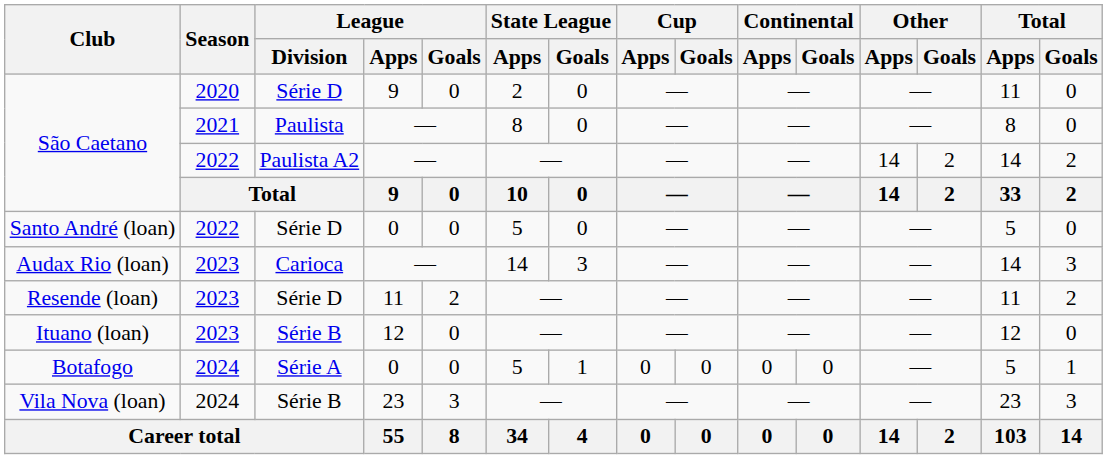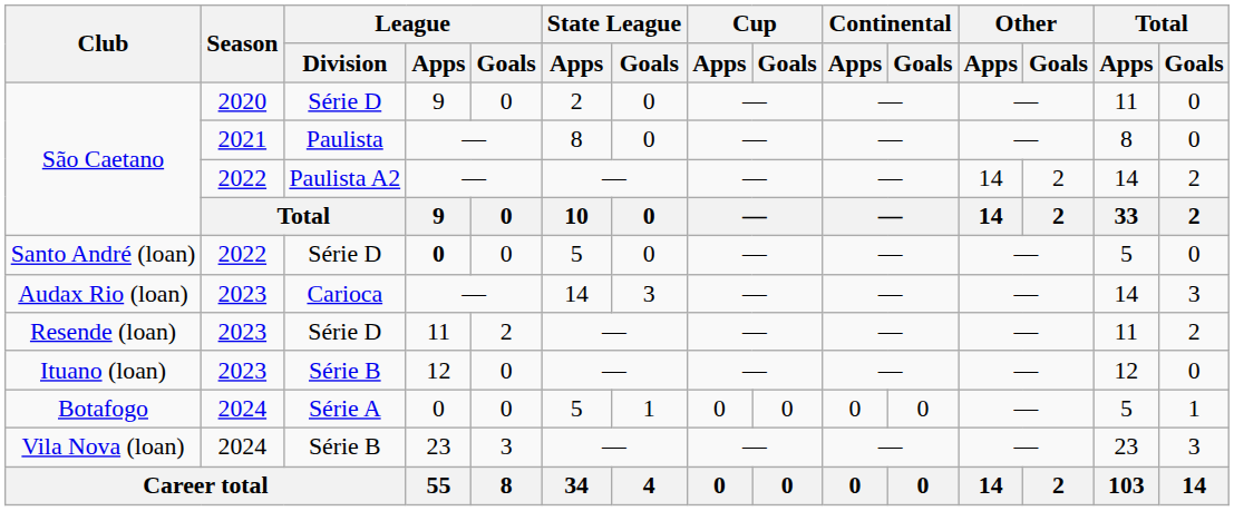 <table class="wikitable" style="text-align: center">
 <tr>
 <th rowspan="2">Club</th>
 <th rowspan="2">Season</th>
 <th colspan="3">League</th>
 <th colspan="2">State League</th>
 <th colspan="2">Cup</th>
 <th colspan="2">Continental</th>
 <th colspan="2">Other</th>
 <th colspan="2">Total</th>
 </tr>
 <tr>
 <th>Division</th>
 <th>Apps</th>
 <th>Goals</th>
 <th>Apps</th>
 <th>Goals</th>
 <th>Apps</th>
 <th>Goals</th>
 <th>Apps</th>
 <th>Goals</th>
 <th>Apps</th>
 <th>Goals</th>
 <th>Apps</th>
 <th>Goals</th>
 </tr>
 <tr>
 <td rowspan="4"><a href='#'>São Caetano</a></td>
 <td><a href='#'>2020</a></td>
 <td><a href='#'>Série D</a></td>
 <td>9</td>
 <td>0</td>
 <td>2</td>
 <td>0</td>
 <td colspan="2">—</td>
 <td colspan="2">—</td>
 <td colspan="2">—</td>
 <td>11</td>
 <td>0</td>
 </tr>
 <tr>
 <td><a href='#'>2021</a></td>
 <td><a href='#'>Paulista</a></td>
 <td colspan="2">—</td>
 <td>8</td>
 <td>0</td>
 <td colspan="2">—</td>
 <td colspan="2">—</td>
 <td colspan="2">—</td>
 <td>8</td>
 <td>0</td>
 </tr>
 <tr>
 <td><a href='#'>2022</a></td>
 <td><a href='#'>Paulista A2</a></td>
 <td colspan="2">—</td>
 <td colspan="2">—</td>
 <td colspan="2">—</td>
 <td colspan="2">—</td>
 <td>14</td>
 <td>2</td>
 <td>14</td>
 <td>2</td>
 </tr>
 <tr>
 <th colspan="2">Total</th>
 <th>9</th>
 <th>0</th>
 <th>10</th>
 <th>0</th>
 <th colspan="2">—</th>
 <th colspan="2">—</th>
 <th>14</th>
 <th>2</th>
 <th>33</th>
 <th>2</th>
 </tr>
 <tr>
 <td><a href='#'>Santo André</a> (loan)</td>
 <td><a href='#'>2022</a></td>
 <td>Série D</td>
-<td>0</td>
+<td><strong>0</strong></td>
 <td>0</td>
 <td>5</td>
 <td>0</td>
 <td colspan="2">—</td>
 <td colspan="2">—</td>
 <td colspan="2">—</td>
 <td>5</td>
 <td>0</td>
 </tr>
 <tr>
 <td><a href='#'>Audax Rio</a> (loan)</td>
 <td><a href='#'>2023</a></td>
 <td><a href='#'>Carioca</a></td>
 <td colspan="2">—</td>
 <td>14</td>
 <td>3</td>
 <td colspan="2">—</td>
 <td colspan="2">—</td>
 <td colspan="2">—</td>
 <td>14</td>
 <td>3</td>
 </tr>
 <tr>
 <td><a href='#'>Resende</a> (loan)</td>
 <td><a href='#'>2023</a></td>
 <td>Série D</td>
 <td>11</td>
 <td>2</td>
 <td colspan="2">—</td>
 <td colspan="2">—</td>
 <td colspan="2">—</td>
 <td colspan="2">—</td>
 <td>11</td>
 <td>2</td>
 </tr>
 <tr>
 <td><a href='#'>Ituano</a> (loan)</td>
 <td><a href='#'>2023</a></td>
 <td><a href='#'>Série B</a></td>
 <td>12</td>
 <td>0</td>
 <td colspan="2">—</td>
 <td colspan="2">—</td>
 <td colspan="2">—</td>
 <td colspan="2">—</td>
 <td>12</td>
 <td>0</td>
 </tr>
 <tr>
 <td><a href='#'>Botafogo</a></td>
 <td><a href='#'>2024</a></td>
 <td><a href='#'>Série A</a></td>
 <td>0</td>
 <td>0</td>
 <td>5</td>
 <td>1</td>
 <td>0</td>
 <td>0</td>
 <td>0</td>
 <td>0</td>
 <td colspan="2">—</td>
 <td>5</td>
 <td>1</td>
 </tr>
 <tr>
 <td><a href='#'>Vila Nova</a> (loan)</td>
 <td>2024</td>
 <td>Série B</td>
 <td>23</td>
 <td>3</td>
 <td colspan="2">—</td>
 <td colspan="2">—</td>
 <td colspan="2">—</td>
 <td colspan="2">—</td>
 <td>23</td>
 <td>3</td>
 </tr>
 <tr>
 <th colspan="3"><strong>Career total</strong></th>
 <th>55</th>
 <th>8</th>
 <th>34</th>
 <th>4</th>
 <th>0</th>
 <th>0</th>
 <th>0</th>
 <th>0</th>
 <th>14</th>
 <th>2</th>
 <th>103</th>
 <th>14</th>
 </tr>
 </table>
